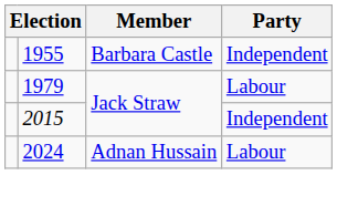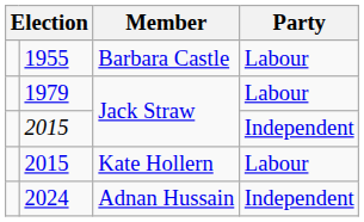 <table class="wikitable">
 <tr>
 <th colspan="2">Election</th>
 <th>Member</th>
 <th>Party</th>
 </tr>
 <tr>
 <td style="color:inherit;background-color: "></td>
 <td><a href='#'>1955</a></td>
 <td><a href='#'>Barbara Castle</a></td>
-<td><a href='#'>Independent</a></td>
+<td><a href='#'>Labour</a></td>
 </tr>
 <tr>
 <td style="color:inherit;background-color: "></td>
 <td><a href='#'>1979</a></td>
 <td rowspan="2"><a href='#'>Jack Straw</a></td>
 <td><a href='#'>Labour</a></td>
 </tr>
 <tr>
 <td style="color:inherit;background-color: "></td>
 <td><em>2015</em></td>
 <td><a href='#'>Independent</a></td>
 </tr>
 <tr>
 <td style="color:inherit;background-color: "></td>
+<td><a href='#'>2015</a></td>
+<td><a href='#'>Kate Hollern</a></td>
+<td><a href='#'>Labour</a></td>
+</tr>
+<tr>
+<td style="color:inherit;background-color: "></td>
 <td><a href='#'>2024</a></td>
 <td><a href='#'>Adnan Hussain</a></td>
-<td><a href='#'>Labour</a></td>
+<td><a href='#'>Independent</a></td>
 </tr>
 </table>
